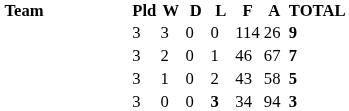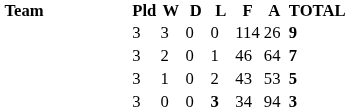 <table>
 <tr>
 <td><br></td>
 </tr>
 <tr border=1 cellpadding=5 cellspacing=0>
 <th width="200">Team</th>
 <th width="20">Pld</th>
 <th width="20">W</th>
 <th width="20">D</th>
 <th width="20">L</th>
 <th width="20">F</th>
 <th width="20">A</th>
 <th width="20">TOTAL</th>
 </tr>
 <tr>
 <td align=left></td>
 <td>3</td>
 <td>3</td>
 <td>0</td>
 <td>0</td>
 <td>114</td>
 <td>26</td>
 <td><strong>9</strong></td>
 </tr>
 <tr>
 <td align=left></td>
 <td>3</td>
 <td>2</td>
 <td>0</td>
 <td>1</td>
 <td>46</td>
-<td>67</td>
+<td>64</td>
 <td><strong>7</strong></td>
 </tr>
 <tr>
 <td align=left></td>
 <td>3</td>
 <td>1</td>
 <td>0</td>
 <td>2</td>
 <td>43</td>
-<td>58</td>
+<td>53</td>
 <td><strong>5</strong></td>
 </tr>
 <tr>
 <td align=left></td>
 <td>3</td>
 <td>0</td>
 <td>0</td>
 <td><strong>3</strong></td>
 <td>34</td>
 <td>94</td>
 <td><strong>3</strong></td>
 </tr>
 </table>
